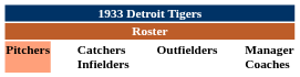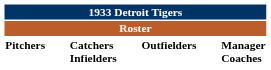 <table class="toccolours" style="font-size: 95%;">
 <tr>
 <th colspan="10" style="background-color: #003366; color: #FFFFFF; text-align: center;">1933 Detroit Tigers</th>
 </tr>
 <tr>
 <td colspan="10" style="background-color: #bd5d29; color: white; text-align: center;"><strong>Roster</strong></td>
 </tr>
 <tr>
-<td valign="top" style="background: lightsalmon;"><strong>Pitchers</strong><br>             </td>
+<td valign="top"><strong>Pitchers</strong><br>             </td>
 <td width="25px"></td>
 <td valign="top"><strong>Catchers</strong><br>    <strong>Infielders</strong>      </td>
 <td width="25px"></td>
 <td valign="top"><strong>Outfielders</strong><br>      </td>
 <td width="25px"></td>
 <td valign="top"><strong>Manager</strong><br>  <strong>Coaches</strong> </td>
 </tr>
 </table>
